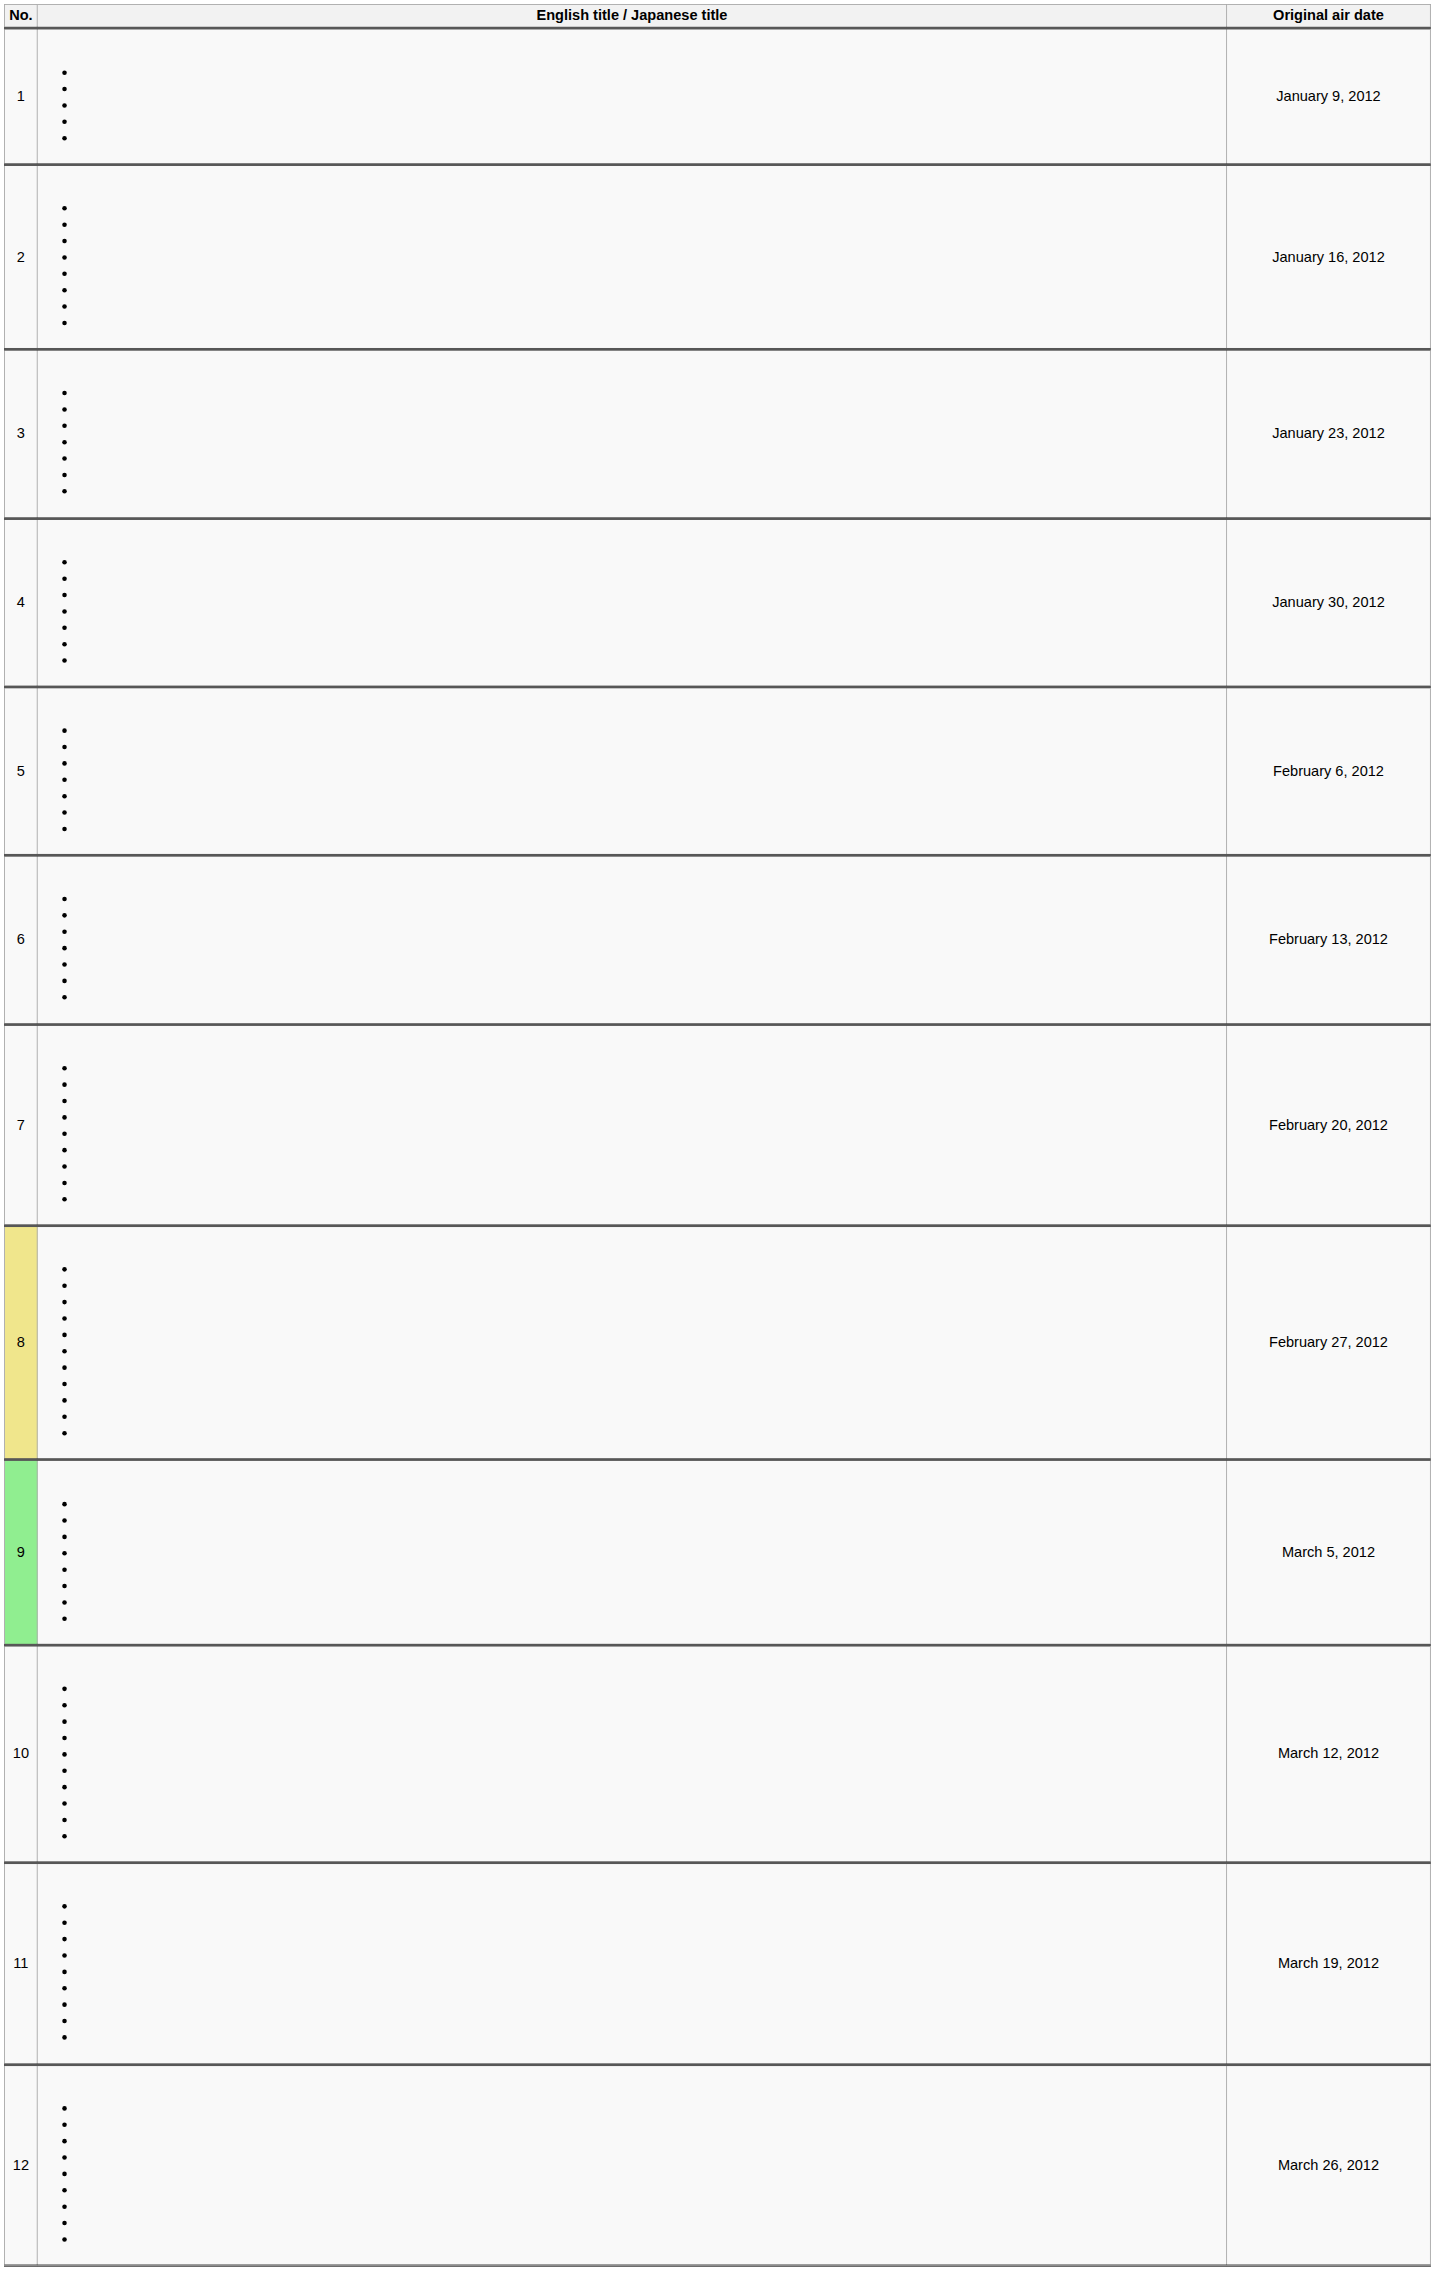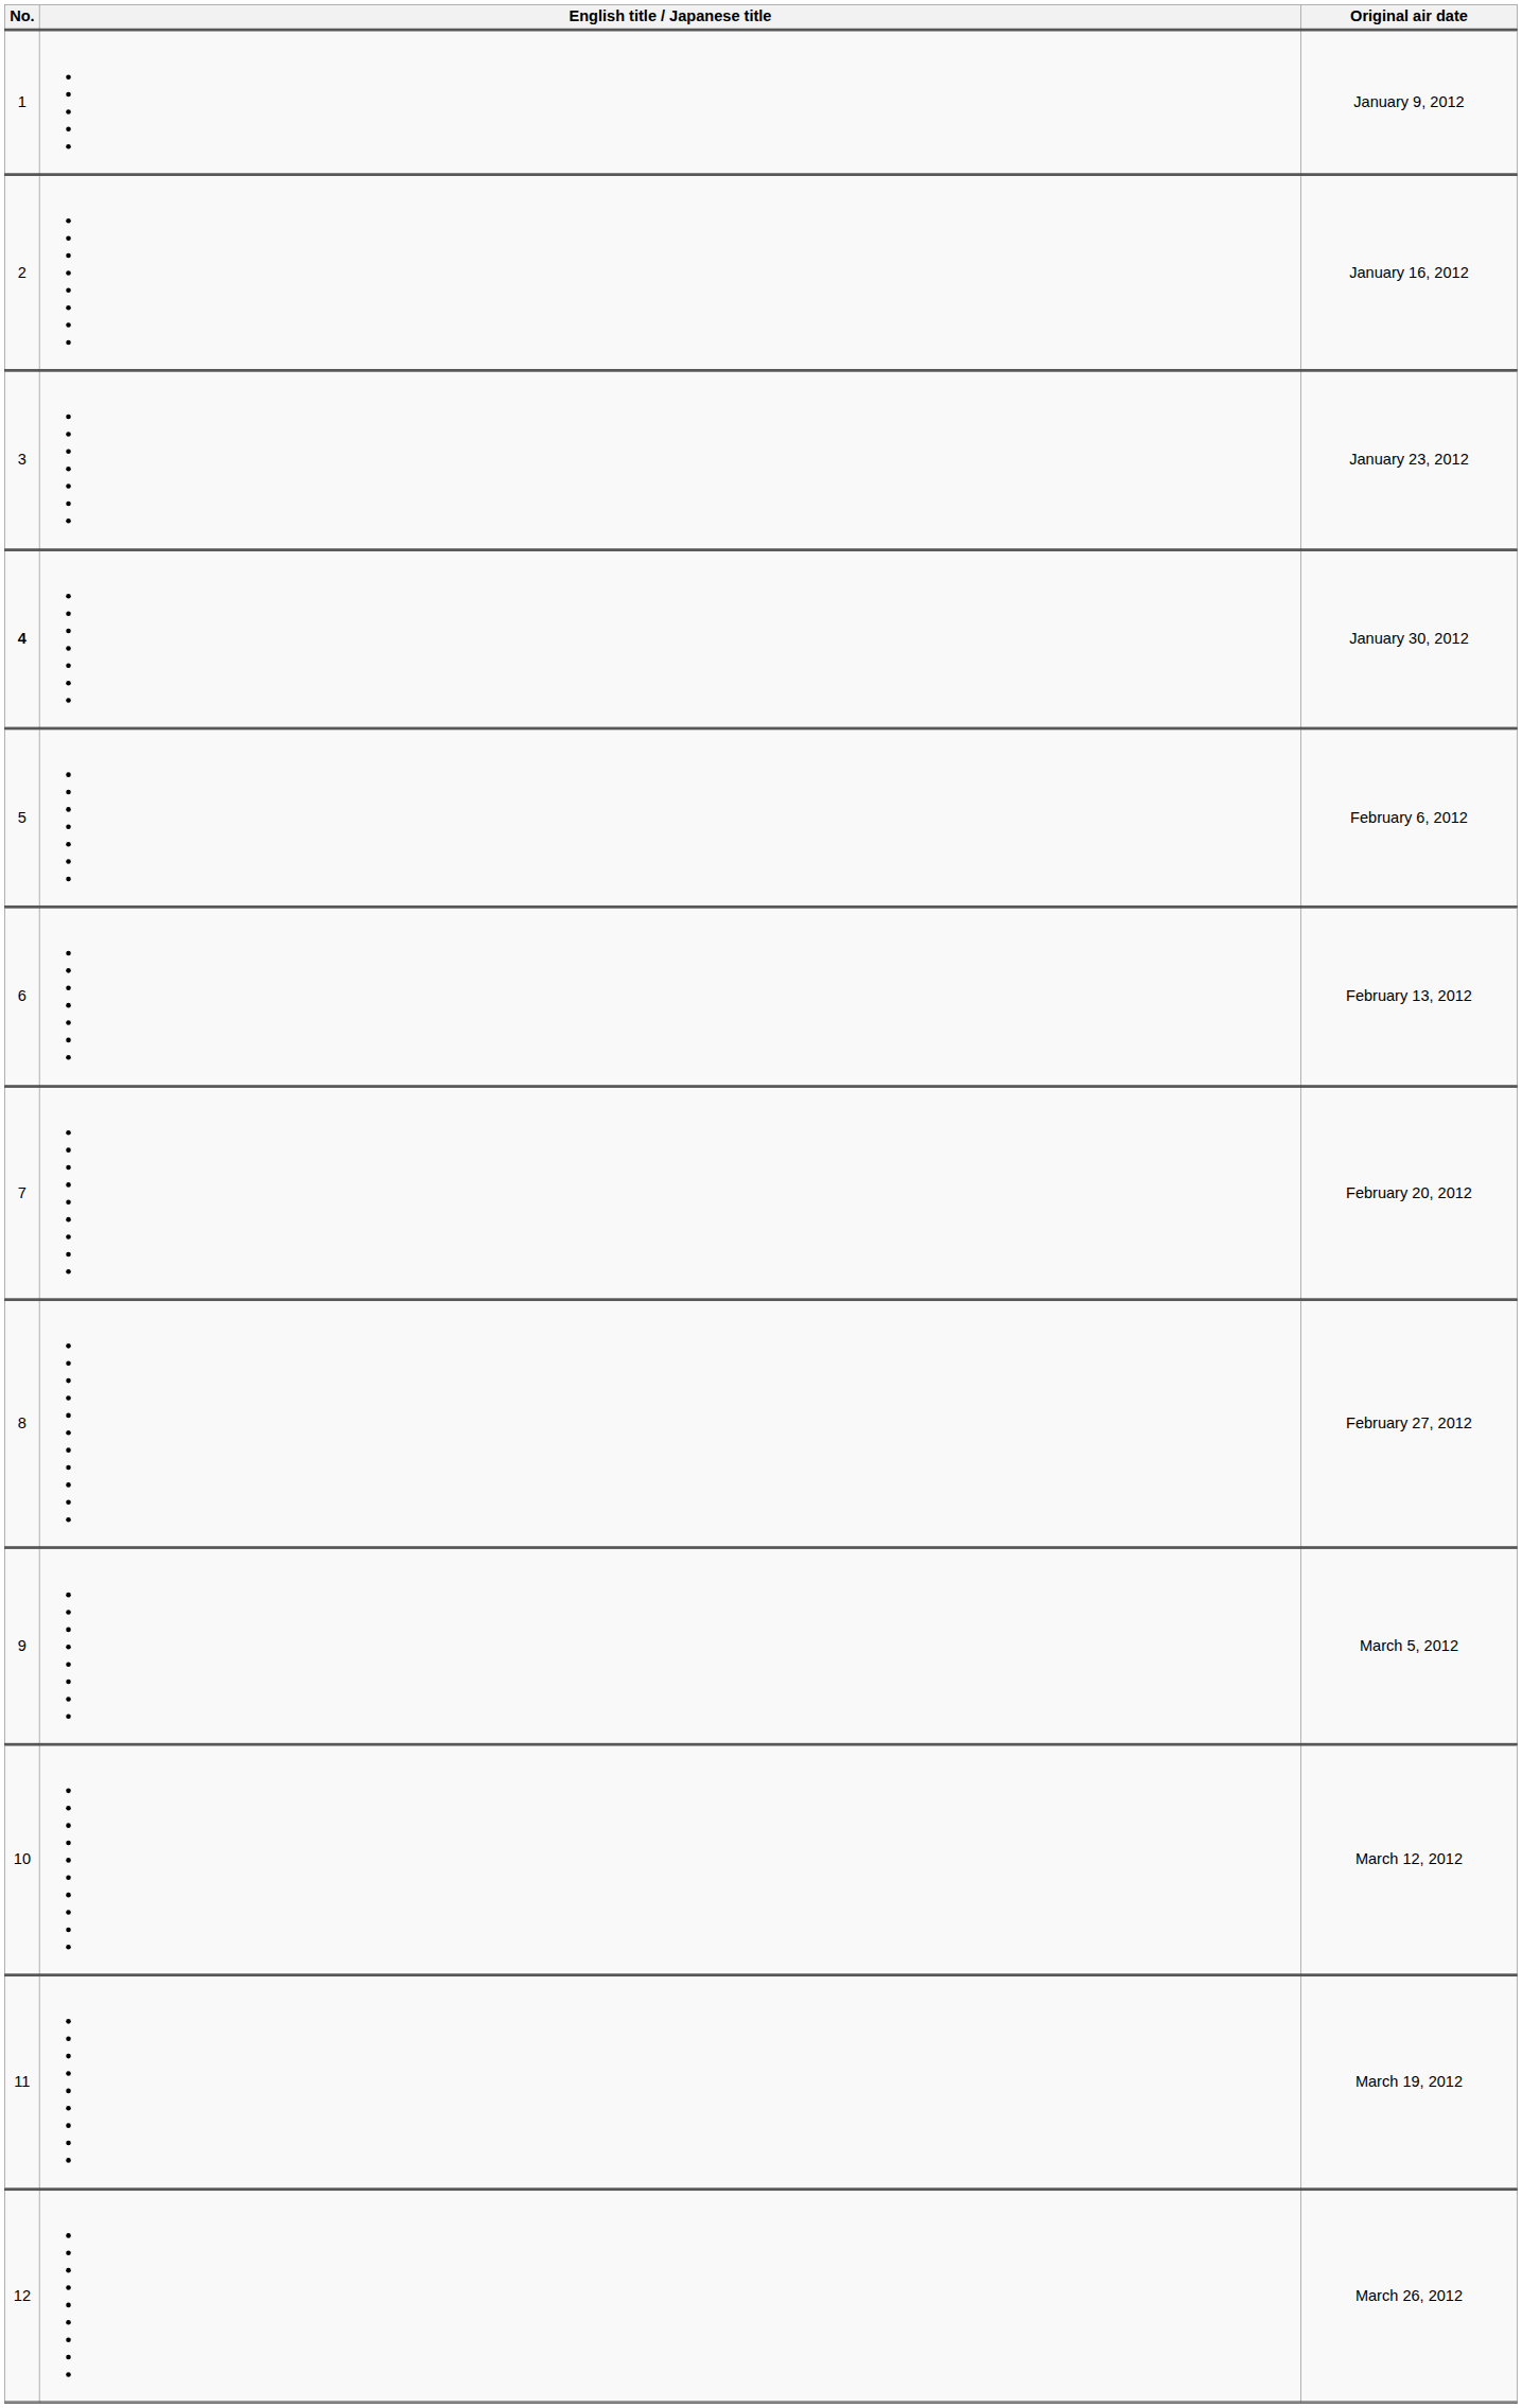 <table class="wikitable">
 <tr style="border-bottom: 3px solid #575757;">
 <th style="width:1%;">No.</th>
 <th style="width:70%">English title / Japanese title</th>
 <th style="width:12%">Original air date</th>
 </tr>
 <tr style="border-bottom: 3px solid #575757;">
 <td align="center">1</td>
 <td><br><ul><li></li><li></li><li></li><li></li><li></li></ul></td>
 <td align="center">January 9, 2012</td>
 </tr>
 <tr style="border-bottom: 3px solid #575757;">
 <td align="center">2</td>
 <td><br><ul><li></li><li></li><li></li><li></li><li></li><li></li><li></li><li></li></ul></td>
 <td align="center">January 16, 2012</td>
 </tr>
 <tr style="border-bottom: 3px solid #575757;">
 <td align="center">3</td>
 <td><br><ul><li></li><li></li><li></li><li></li><li></li><li></li><li></li></ul></td>
 <td align="center">January 23, 2012</td>
 </tr>
 <tr style="border-bottom: 3px solid #575757;">
-<td align="center">4</td>
+<td align="center"><strong>4</strong></td>
 <td><br><ul><li></li><li></li><li></li><li></li><li></li><li></li><li></li></ul></td>
 <td align="center">January 30, 2012</td>
 </tr>
 <tr style="border-bottom: 3px solid #575757;">
 <td align="center">5</td>
 <td><br><ul><li></li><li></li><li></li><li></li><li></li><li></li><li></li></ul></td>
 <td align="center">February 6, 2012</td>
 </tr>
 <tr style="border-bottom: 3px solid #575757;">
 <td align="center">6</td>
 <td><br><ul><li></li><li></li><li></li><li></li><li></li><li></li><li></li></ul></td>
 <td align="center">February 13, 2012</td>
 </tr>
 <tr style="border-bottom: 3px solid #575757;">
 <td align="center">7</td>
 <td><br><ul><li></li><li></li><li></li><li></li><li></li><li></li><li></li><li></li><li></li></ul></td>
 <td align="center">February 20, 2012</td>
 </tr>
 <tr style="border-bottom: 3px solid #575757;">
-<td align="center" style="background: khaki;">8</td>
+<td align="center">8</td>
 <td><br><ul><li></li><li></li><li></li><li></li><li></li><li></li><li></li><li></li><li></li><li></li><li></li></ul></td>
 <td align="center">February 27, 2012</td>
 </tr>
 <tr style="border-bottom: 3px solid #575757;">
-<td align="center" style="background: lightgreen;">9</td>
+<td align="center">9</td>
 <td><br><ul><li></li><li></li><li></li><li></li><li></li><li></li><li></li><li></li></ul></td>
 <td align="center">March 5, 2012</td>
 </tr>
 <tr style="border-bottom: 3px solid #575757;">
 <td align="center">10</td>
 <td><br><ul><li></li><li></li><li></li><li></li><li></li><li></li><li></li><li></li><li></li><li></li></ul></td>
 <td align="center">March 12, 2012</td>
 </tr>
 <tr style="border-bottom: 3px solid #575757;">
 <td align="center">11</td>
 <td><br><ul><li></li><li></li><li></li><li></li><li></li><li></li><li></li><li></li><li></li></ul></td>
 <td align="center">March 19, 2012</td>
 </tr>
 <tr style="border-bottom: 3px solid #575757;">
 <td align="center">12</td>
 <td><br><ul><li></li><li></li><li></li><li></li><li></li><li></li><li></li><li></li><li></li></ul></td>
 <td align="center">March 26, 2012</td>
 </tr>
 <tr |-style="border-bottom: 3px solid #575757;">
 </tr>
 </table>
